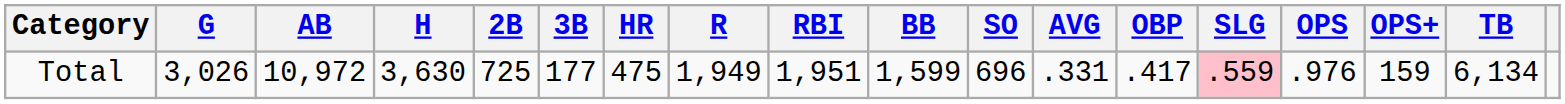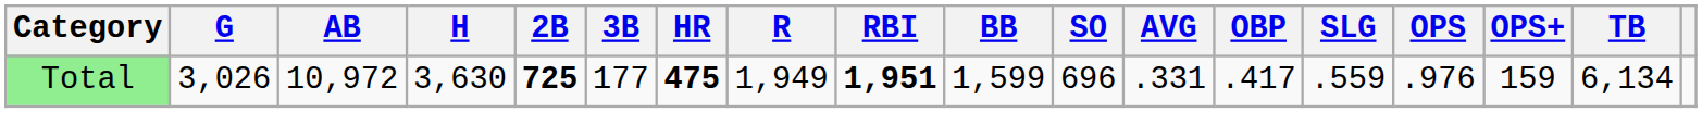 <table class="wikitable" style="font-size: 95%; text-align:center;">
 <tr align=center>
 <th>Category</th>
 <th><a href='#'>G</a></th>
 <th><a href='#'>AB</a></th>
 <th><a href='#'>H</a></th>
 <th><a href='#'>2B</a></th>
 <th><a href='#'>3B</a></th>
 <th><a href='#'>HR</a></th>
 <th><a href='#'>R</a></th>
 <th><a href='#'>RBI</a></th>
 <th><a href='#'>BB</a></th>
 <th><a href='#'>SO</a></th>
 <th><a href='#'>AVG</a></th>
 <th><a href='#'>OBP</a></th>
 <th><a href='#'>SLG</a></th>
 <th><a href='#'>OPS</a></th>
 <th><a href='#'>OPS+</a></th>
 <th><a href='#'>TB</a></th>
 <th></th>
 </tr>
 <tr align=center>
-<td>Total</td>
+<td style="background: lightgreen;">Total</td>
 <td>3,026</td>
 <td>10,972</td>
 <td>3,630</td>
-<td>725</td>
+<td><strong>725</strong></td>
 <td>177</td>
-<td>475</td>
+<td><strong>475</strong></td>
 <td>1,949</td>
-<td>1,951</td>
+<td><strong>1,951</strong></td>
 <td>1,599</td>
 <td>696</td>
 <td>.331</td>
 <td>.417</td>
-<td style="background: pink;">.559</td>
+<td>.559</td>
 <td>.976</td>
 <td>159</td>
 <td>6,134</td>
 <td></td>
 </tr>
 </table>
